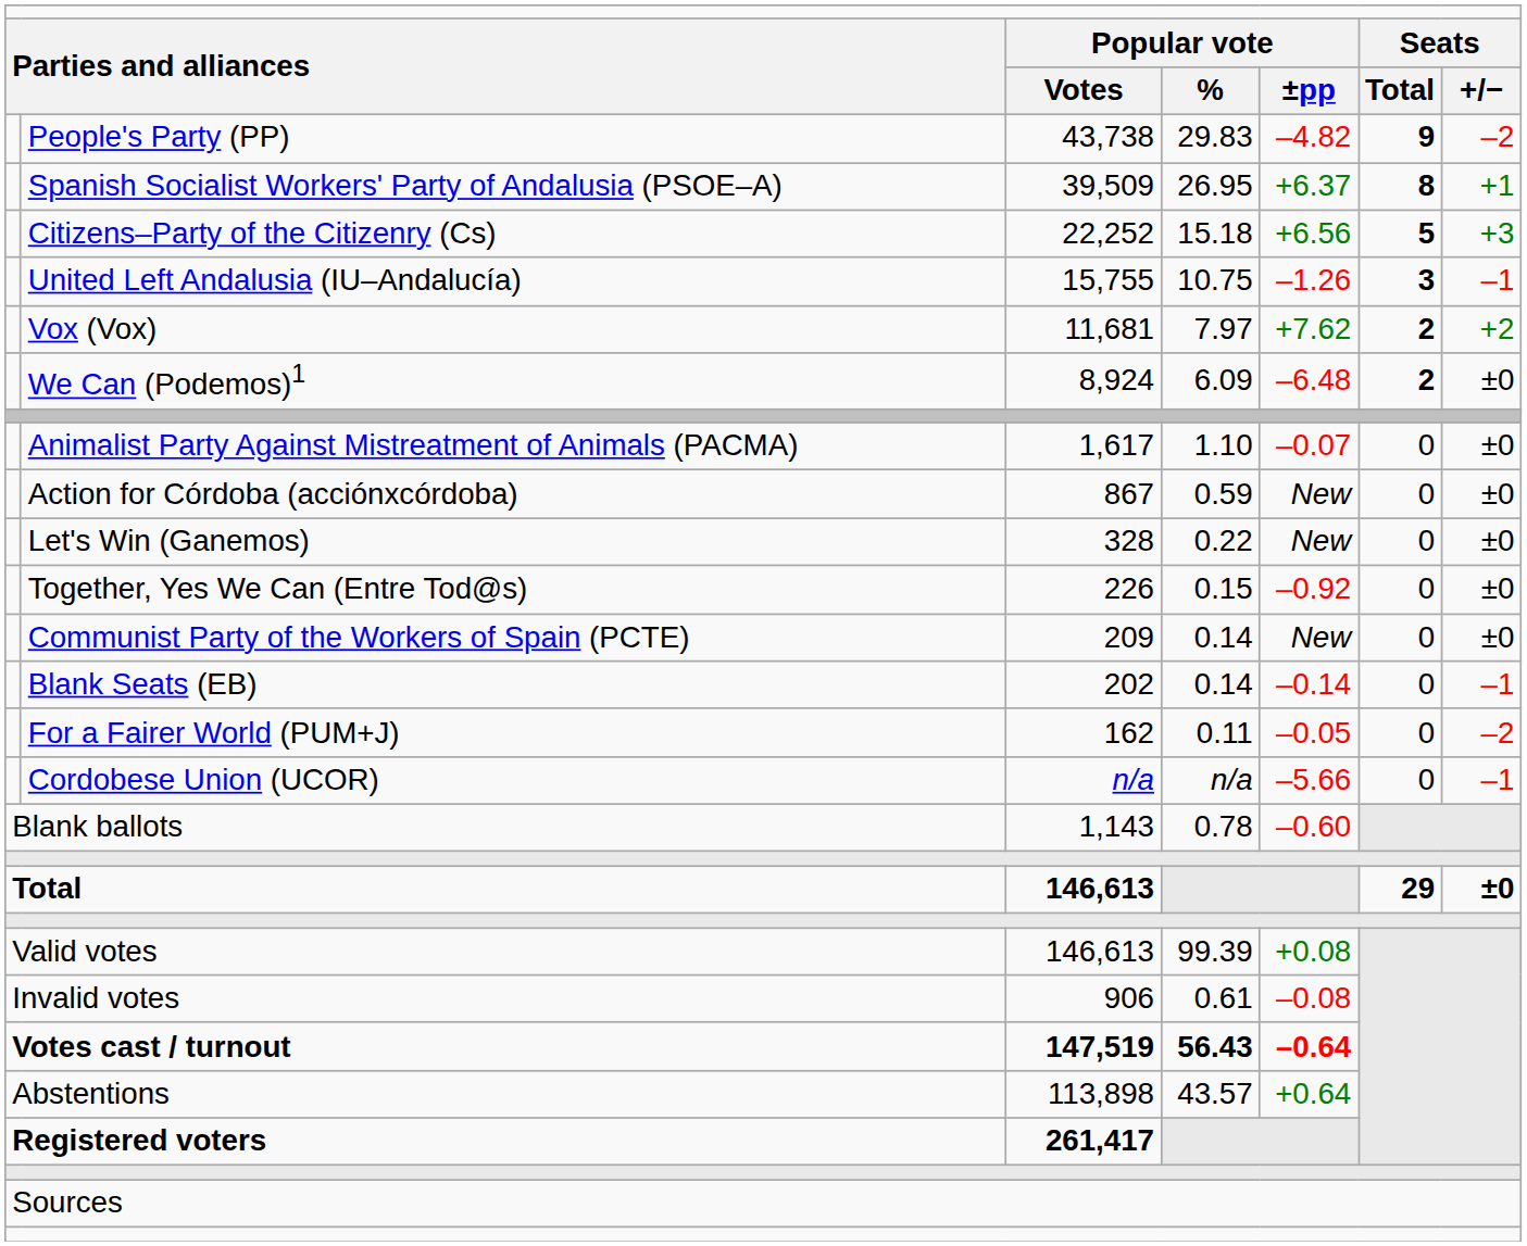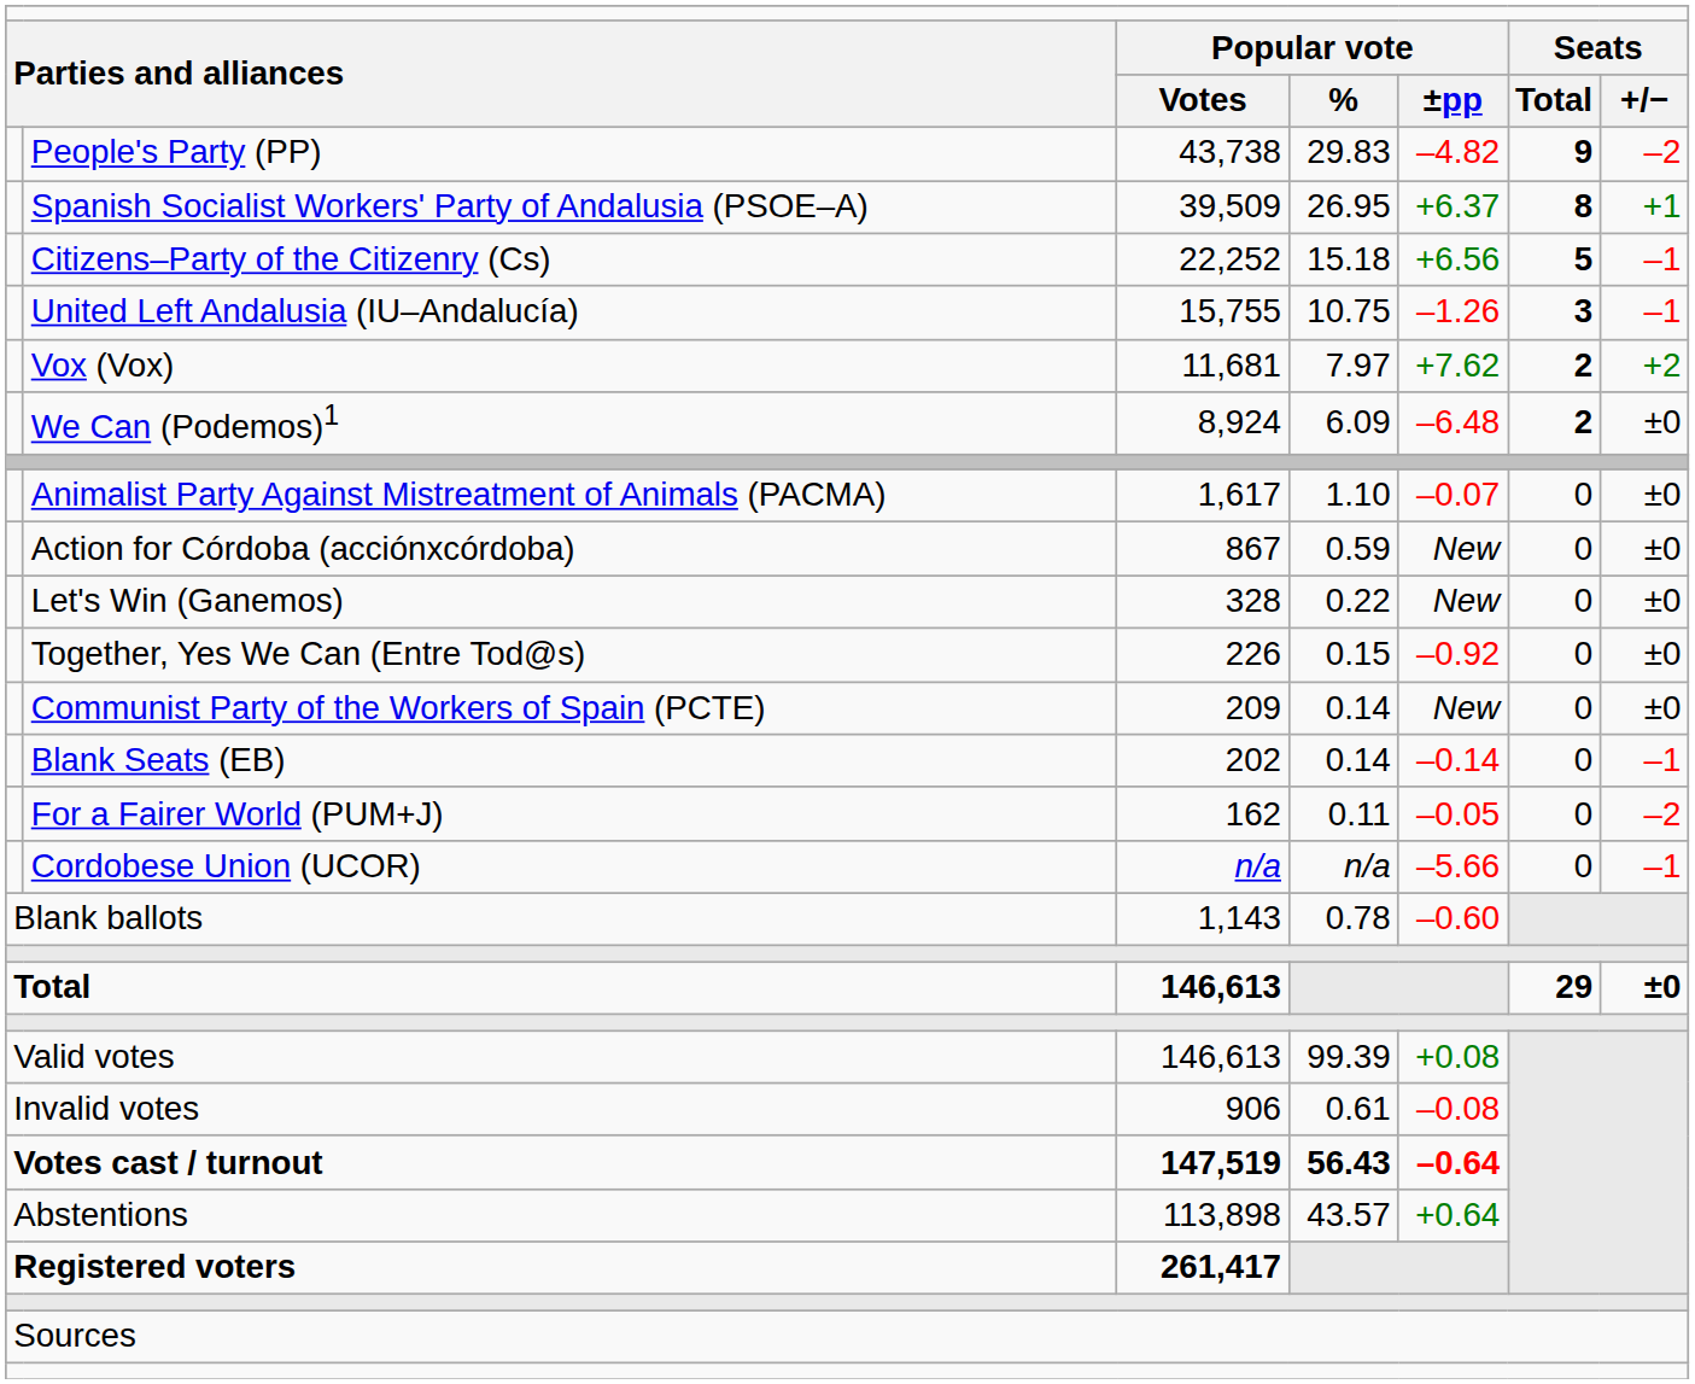 <table class="wikitable" style="text-align:right;">
 <tr>
 <td colspan="7"></td>
 </tr>
 <tr>
 <th style="text-align:left;" rowspan="2" colspan="2" width="525">Parties and alliances</th>
 <th colspan="3">Popular vote</th>
 <th colspan="2">Seats</th>
 </tr>
 <tr>
 <th width="75">Votes</th>
 <th width="45">%</th>
 <th width="45">±<a href='#'>pp</a></th>
 <th width="35">Total</th>
 <th width="35">+/−</th>
 </tr>
 <tr>
 <td width="1" style="color:inherit;background:"></td>
 <td align="left"><a href='#'>People's Party</a> (PP)</td>
 <td>43,738</td>
 <td>29.83</td>
 <td style="color:red;">–4.82</td>
 <td><strong>9</strong></td>
 <td style="color:red;">–2</td>
 </tr>
 <tr>
 <td style="color:inherit;background:"></td>
 <td align="left"><a href='#'>Spanish Socialist Workers' Party of Andalusia</a> (PSOE–A)</td>
 <td>39,509</td>
 <td>26.95</td>
 <td style="color:green;">+6.37</td>
 <td><strong>8</strong></td>
 <td style="color:green;">+1</td>
 </tr>
 <tr>
 <td style="color:inherit;background:"></td>
 <td align="left"><a href='#'>Citizens–Party of the Citizenry</a> (Cs)</td>
 <td>22,252</td>
 <td>15.18</td>
 <td style="color:green;">+6.56</td>
 <td><strong>5</strong></td>
-<td style="color:green;">+3</td>
+<td style="color:red;">–1</td>
 </tr>
 <tr>
 <td style="color:inherit;background:"></td>
 <td align="left"><a href='#'>United Left Andalusia</a> (IU–Andalucía)</td>
 <td>15,755</td>
 <td>10.75</td>
 <td style="color:red;">–1.26</td>
 <td><strong>3</strong></td>
 <td style="color:red;">–1</td>
 </tr>
 <tr>
 <td style="color:inherit;background:"></td>
 <td align="left"><a href='#'>Vox</a> (Vox)</td>
 <td>11,681</td>
 <td>7.97</td>
 <td style="color:green;">+7.62</td>
 <td><strong>2</strong></td>
 <td style="color:green;">+2</td>
 </tr>
 <tr>
 <td style="color:inherit;background:"></td>
 <td align="left"><a href='#'>We Can</a> (Podemos)<sup>1</sup></td>
 <td>8,924</td>
 <td>6.09</td>
 <td style="color:red;">–6.48</td>
 <td><strong>2</strong></td>
 <td>±0</td>
 </tr>
 <tr>
 <td colspan="7" bgcolor="#C0C0C0"></td>
 </tr>
 <tr>
 <td style="color:inherit;background:"></td>
 <td align="left"><a href='#'>Animalist Party Against Mistreatment of Animals</a> (PACMA)</td>
 <td>1,617</td>
 <td>1.10</td>
 <td style="color:red;">–0.07</td>
 <td>0</td>
 <td>±0</td>
 </tr>
 <tr>
 <td style="color:inherit;background:"></td>
 <td align="left">Action for Córdoba (acciónxcórdoba)</td>
 <td>867</td>
 <td>0.59</td>
 <td><em>New</em></td>
 <td>0</td>
 <td>±0</td>
 </tr>
 <tr>
 <td style="color:inherit;background:"></td>
 <td align="left">Let's Win (Ganemos)</td>
 <td>328</td>
 <td>0.22</td>
 <td><em>New</em></td>
 <td>0</td>
 <td>±0</td>
 </tr>
 <tr>
 <td style="color:inherit;background:"></td>
 <td align="left">Together, Yes We Can (Entre Tod@s)</td>
 <td>226</td>
 <td>0.15</td>
 <td style="color:red;">–0.92</td>
 <td>0</td>
 <td>±0</td>
 </tr>
 <tr>
 <td style="color:inherit;background:"></td>
 <td align="left"><a href='#'>Communist Party of the Workers of Spain</a> (PCTE)</td>
 <td>209</td>
 <td>0.14</td>
 <td><em>New</em></td>
 <td>0</td>
 <td>±0</td>
 </tr>
 <tr>
 <td style="color:inherit;background:"></td>
 <td align="left"><a href='#'>Blank Seats</a> (EB)</td>
 <td>202</td>
 <td>0.14</td>
 <td style="color:red;">–0.14</td>
 <td>0</td>
 <td style="color:red;">–1</td>
 </tr>
 <tr>
 <td style="color:inherit;background:"></td>
 <td align="left"><a href='#'>For a Fairer World</a> (PUM+J)</td>
 <td>162</td>
 <td>0.11</td>
 <td style="color:red;">–0.05</td>
 <td>0</td>
 <td style="color:red;">–2</td>
 </tr>
 <tr>
 <td style="color:inherit;background:"></td>
 <td align="left"><a href='#'>Cordobese Union</a> (UCOR)</td>
 <td><em><a href='#'>n/a</a></em></td>
 <td><em>n/a</em></td>
 <td style="color:red;">–5.66</td>
 <td>0</td>
 <td style="color:red;">–1</td>
 </tr>
 <tr>
 <td align="left" colspan="2">Blank ballots</td>
 <td>1,143</td>
 <td>0.78</td>
 <td style="color:red;">–0.60</td>
 <td bgcolor="#E9E9E9" colspan="2"></td>
 </tr>
 <tr>
 <td colspan="7" bgcolor="#E9E9E9"></td>
 </tr>
 <tr style="font-weight:bold;">
 <td align="left" colspan="2">Total</td>
 <td>146,613</td>
 <td bgcolor="#E9E9E9" colspan="2"></td>
 <td>29</td>
 <td>±0</td>
 </tr>
 <tr>
 <td colspan="7" bgcolor="#E9E9E9"></td>
 </tr>
 <tr>
 <td align="left" colspan="2">Valid votes</td>
 <td>146,613</td>
 <td>99.39</td>
 <td style="color:green;">+0.08</td>
 <td bgcolor="#E9E9E9" colspan="2" rowspan="5"></td>
 </tr>
 <tr>
 <td align="left" colspan="2">Invalid votes</td>
 <td>906</td>
 <td>0.61</td>
 <td style="color:red;">–0.08</td>
 </tr>
 <tr style="font-weight:bold;">
 <td align="left" colspan="2">Votes cast / turnout</td>
 <td>147,519</td>
 <td>56.43</td>
 <td style="color:red;">–0.64</td>
 </tr>
 <tr>
 <td align="left" colspan="2">Abstentions</td>
 <td>113,898</td>
 <td>43.57</td>
 <td style="color:green;">+0.64</td>
 </tr>
 <tr style="font-weight:bold;">
 <td align="left" colspan="2">Registered voters</td>
 <td>261,417</td>
 <td bgcolor="#E9E9E9" colspan="2"></td>
 </tr>
 <tr>
 <td colspan="7" bgcolor="#E9E9E9"></td>
 </tr>
 <tr>
 <td align="left" colspan="7">Sources</td>
 </tr>
 <tr>
 <td colspan="7" style="text-align:left; max-width:790px;"></td>
 </tr>
 </table>
